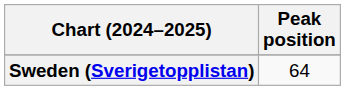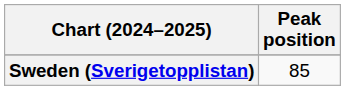 <table class="wikitable sortable plainrowheaders" style="text-align:center">
 <tr>
 <th scope="col">Chart (2024–2025)</th>
 <th scope="col">Peak<br>position</th>
 </tr>
 <tr>
 </tr>
 <tr>
 <th scope="row">Sweden (<a href='#'>Sverigetopplistan</a>)</th>
-<td style="text-align:center;'">64</td>
+<td style="text-align:center;'">85</td>
 </tr>
 </table>
